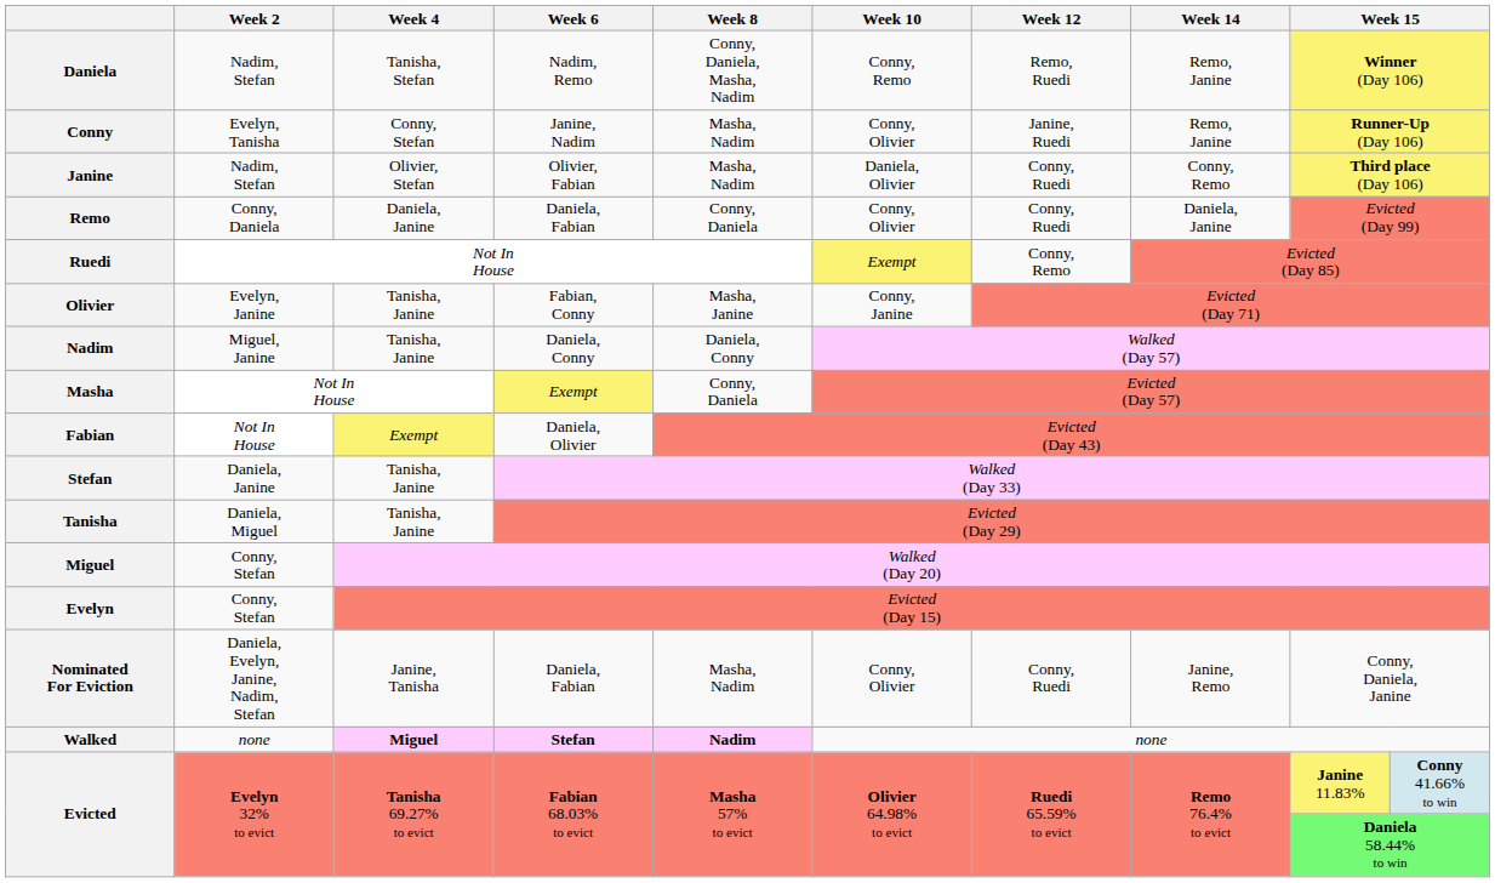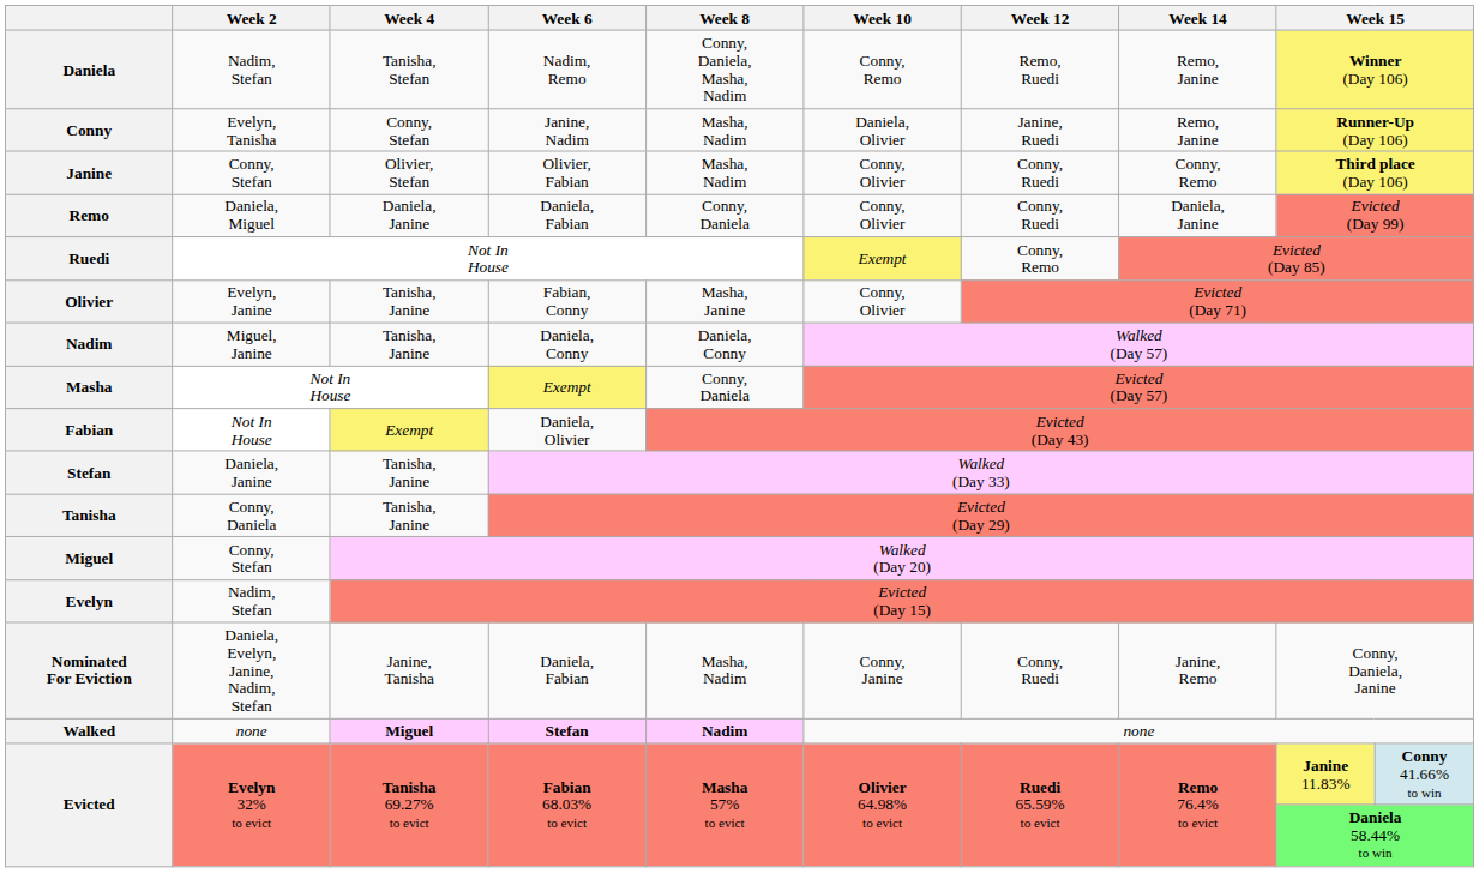 <table class="wikitable" style="text-align:center; font-size:85%; line-height:15px;">
 <tr>
 <th style="width:5%"></th>
 <th style="width:5%">Week 2</th>
 <th style="width:5%">Week 4</th>
 <th style="width:5%">Week 6</th>
 <th style="width:5%">Week 8</th>
 <th style="width:5%">Week 10</th>
 <th style="width:5%">Week 12</th>
 <th style="width:5%">Week 14</th>
 <th style="width:5%" colspan=2>Week 15</th>
 </tr>
 <tr>
 <th>Daniela</th>
 <td>Nadim,<br>Stefan</td>
 <td>Tanisha,<br>Stefan</td>
 <td>Nadim,<br>Remo</td>
 <td>Conny,<br>Daniela,<br>Masha,<br>Nadim</td>
 <td>Conny,<br>Remo</td>
 <td>Remo,<br>Ruedi</td>
 <td>Remo,<br>Janine</td>
 <td style="background:#FBF373" colspan=2><strong>Winner</strong><br>(Day 106)</td>
 </tr>
 <tr>
 <th>Conny</th>
 <td>Evelyn,<br>Tanisha</td>
 <td>Conny,<br>Stefan</td>
 <td>Janine,<br>Nadim</td>
 <td>Masha,<br>Nadim</td>
-<td>Conny,<br>Olivier</td>
+<td>Daniela,<br>Olivier</td>
 <td>Janine,<br>Ruedi</td>
 <td>Remo,<br>Janine</td>
 <td style="background:#FBF373" colspan=2><strong>Runner-Up</strong><br>(Day 106)</td>
 </tr>
 <tr>
 <th>Janine</th>
-<td>Nadim,<br>Stefan</td>
+<td>Conny,<br>Stefan</td>
 <td>Olivier,<br>Stefan</td>
 <td>Olivier,<br>Fabian</td>
 <td>Masha,<br>Nadim</td>
-<td>Daniela,<br>Olivier</td>
+<td>Conny,<br>Olivier</td>
 <td>Conny,<br>Ruedi</td>
 <td>Conny,<br>Remo</td>
 <td style="background:#FBF373" colspan=2><strong>Third place</strong><br>(Day 106)</td>
 </tr>
 <tr>
 <th>Remo</th>
-<td>Conny,<br>Daniela</td>
+<td>Daniela,<br>Miguel</td>
 <td>Daniela,<br>Janine</td>
 <td>Daniela,<br>Fabian</td>
 <td>Conny,<br>Daniela</td>
 <td>Conny,<br>Olivier</td>
 <td>Conny,<br>Ruedi</td>
 <td>Daniela,<br>Janine</td>
 <td style="background:#FA8072" colspan=2><em>Evicted</em><br>(Day 99)</td>
 </tr>
 <tr>
 <th>Ruedi</th>
 <td style="background:white" colspan=4><em>Not In<br>House</em></td>
 <td style="background:#FBF373"><em>Exempt</em></td>
 <td>Conny,<br>Remo</td>
 <td style="background:#FA8072" colspan=3><em>Evicted</em><br>(Day 85)</td>
 </tr>
 <tr>
 <th>Olivier</th>
 <td>Evelyn,<br>Janine</td>
 <td>Tanisha,<br>Janine</td>
 <td>Fabian,<br>Conny</td>
 <td>Masha,<br>Janine</td>
-<td>Conny,<br>Janine</td>
+<td>Conny,<br>Olivier</td>
 <td style="background:#FA8072" colspan=4><em>Evicted</em><br>(Day 71)</td>
 </tr>
 <tr>
 <th>Nadim</th>
 <td>Miguel,<br>Janine</td>
 <td>Tanisha,<br>Janine</td>
 <td>Daniela,<br>Conny</td>
 <td>Daniela,<br>Conny</td>
 <td style="background:#FFCCFF" colspan=5><em>Walked</em><br>(Day 57)</td>
 </tr>
 <tr>
 <th>Masha</th>
 <td style="background:white" colspan=2><em>Not In<br>House</em></td>
 <td style="background:#FBF373"><em>Exempt</em></td>
 <td>Conny,<br>Daniela</td>
 <td style="background:#FA8072" colspan=5><em>Evicted</em><br>(Day 57)</td>
 </tr>
 <tr>
 <th>Fabian</th>
 <td style="background:white"><em>Not In<br>House</em></td>
 <td style="background:#FBF373"><em>Exempt</em></td>
 <td>Daniela,<br>Olivier</td>
 <td style="background:#FA8072" colspan=6><em>Evicted</em><br>(Day 43)</td>
 </tr>
 <tr>
 <th>Stefan</th>
 <td>Daniela,<br>Janine</td>
 <td>Tanisha,<br>Janine</td>
 <td style="background:#FFCCFF" colspan=7><em>Walked</em><br>(Day 33)</td>
 </tr>
 <tr>
 <th>Tanisha</th>
-<td>Daniela,<br>Miguel</td>
+<td>Conny,<br>Daniela</td>
 <td>Tanisha,<br>Janine</td>
 <td style="background:#FA8072" colspan=7><em>Evicted</em><br>(Day 29)</td>
 </tr>
 <tr>
 <th>Miguel</th>
 <td>Conny,<br>Stefan</td>
 <td style="background:#FFCCFF" colspan=8><em>Walked</em><br>(Day 20)</td>
 </tr>
 <tr>
 <th>Evelyn</th>
-<td>Conny,<br>Stefan</td>
+<td>Nadim,<br>Stefan</td>
 <td style="background:#FA8072" colspan=8><em>Evicted</em><br>(Day 15)</td>
 </tr>
 <tr>
 <th>Nominated<br>For Eviction</th>
 <td>Daniela,<br>Evelyn,<br>Janine,<br>Nadim,<br>Stefan</td>
 <td>Janine,<br>Tanisha</td>
 <td>Daniela,<br>Fabian</td>
 <td>Masha,<br>Nadim</td>
-<td>Conny,<br>Olivier</td>
+<td>Conny,<br>Janine</td>
 <td>Conny,<br>Ruedi</td>
 <td>Janine,<br>Remo</td>
 <td colspan=2>Conny,<br>Daniela,<br>Janine</td>
 </tr>
 <tr>
 <th>Walked</th>
 <td><em>none</em></td>
 <td style="background:#FFCCFF"><strong>Miguel</strong></td>
 <td style="background:#FFCCFF"><strong>Stefan</strong></td>
 <td style="background:#FFCCFF"><strong>Nadim</strong></td>
 <td colspan="6"><em>none</em></td>
 </tr>
 <tr>
 <th rowspan=2>Evicted</th>
 <td style="background:#FA8072" rowspan=2><strong>Evelyn</strong><br>32%<br><small>to evict</small></td>
 <td style="background:#FA8072" rowspan=2><strong>Tanisha</strong><br>69.27%<br><small>to evict</small></td>
 <td style="background:#FA8072" rowspan=2><strong>Fabian</strong><br>68.03%<br><small>to evict</small></td>
 <td style="background:#FA8072" rowspan=2><strong>Masha</strong><br>57%<br><small>to evict</small></td>
 <td style="background:#FA8072" rowspan=2><strong>Olivier</strong><br>64.98%<br><small>to evict</small></td>
 <td style="background:#FA8072" rowspan=2><strong>Ruedi</strong><br>65.59%<br><small>to evict</small></td>
 <td style="background:#FA8072" rowspan=2><strong>Remo</strong><br>76.4%<br><small>to evict</small></td>
 <td style="background:#FBF373"><strong>Janine</strong><br>11.83%<br><small></small></td>
 <td style="background:#D1E8EF"><strong>Conny</strong><br>41.66%<br><small>to win</small></td>
 </tr>
 <tr>
 <td style="background:#73FB76" colspan=2><strong>Daniela</strong><br>58.44%<br><small>to win</small></td>
 </tr>
 </table>
